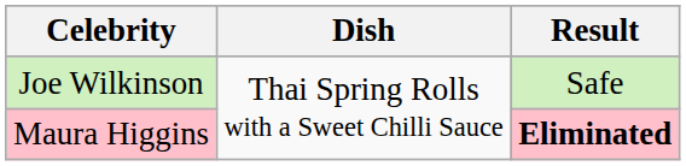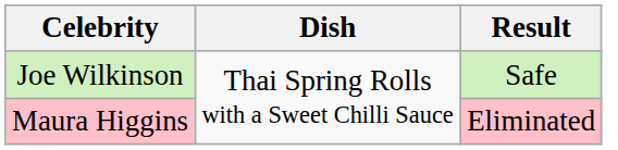 <table class="wikitable" style="text-align:center;">
 <tr>
 <th>Celebrity</th>
 <th>Dish</th>
 <th>Result</th>
 </tr>
 <tr>
 <td style="background:#d0f0c0;">Joe Wilkinson</td>
 <td rowspan="2">Thai Spring Rolls<br><small>with a Sweet Chilli Sauce</small></td>
 <td style="background:#d0f0c0;">Safe</td>
 </tr>
 <tr>
 <td style="background:pink;">Maura Higgins</td>
-<td style="background:pink;"><strong>Eliminated</strong></td>
+<td style="background:pink;">Eliminated</td>
 </tr>
 </table>
